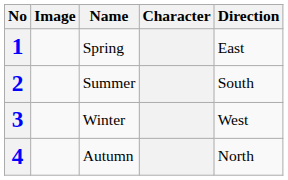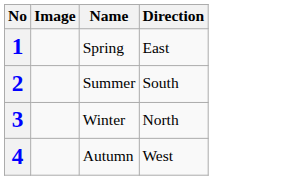 <table class="wikitable" style="display:inline-block;border:none;margin-top:0;margin-bottom:0">
 <tr>
 <th>No</th>
 <th>Image</th>
 <th>Name</th>
-<th>Character</th>
 <th>Direction</th>
 </tr>
 <tr>
 <th style="color:blue;font-size:150%;">1</th>
 <td></td>
 <td>Spring</td>
-<th style="color:red;font-size:200%;"></th>
 <td>East</td>
 </tr>
 <tr>
 <th style="color:blue;font-size:150%;">2</th>
 <td></td>
 <td>Summer</td>
-<th style="color:red;font-size:200%;"></th>
 <td>South</td>
 </tr>
 <tr>
 <th style="color:blue;font-size:150%;">3</th>
 <td></td>
 <td>Winter</td>
-<th style="color:red;font-size:200%;"></th>
-<td>West</td>
+<td>North</td>
 </tr>
 <tr>
 <th style="color:blue;font-size:150%;">4</th>
 <td></td>
 <td>Autumn</td>
-<th style="color:red;font-size:200%;"></th>
-<td>North</td>
+<td>West</td>
 </tr>
 </table>
